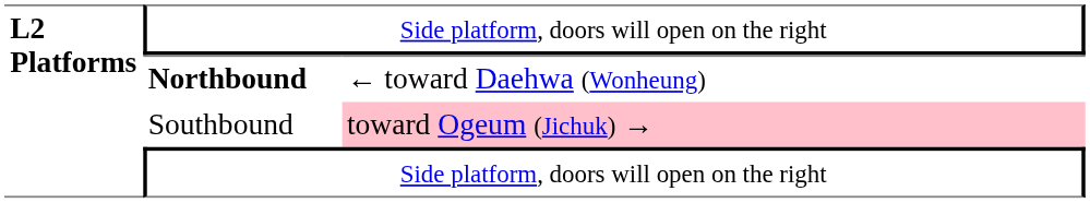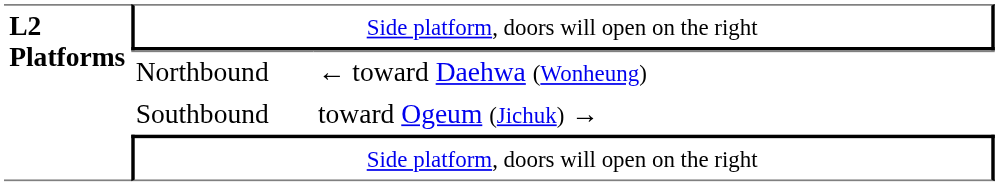 <table table border=0 cellspacing=0 cellpadding=3>
 <tr>
 <td style="border-top:solid 1px gray;border-bottom:solid 1px gray;" width=50 rowspan=10 valign=top><strong>L2<br>Platforms</strong></td>
 <td style="border-top:solid 1px gray;border-right:solid 2px black;border-left:solid 2px black;border-bottom:solid 2px black;text-align:center;" colspan=2><small><a href='#'>Side platform</a>, doors will open on the right </small></td>
 </tr>
 <tr>
-<td style="border-bottom:solid 0px gray;border-top:solid 1px gray;" width=100><strong>Northbound</strong></td>
+<td style="border-bottom:solid 0px gray;border-top:solid 1px gray;" width=100>Northbound</td>
 <td style="border-bottom:solid 0px gray;border-top:solid 1px gray;" width=390>←  toward <a href='#'>Daehwa</a> <small>(<a href='#'>Wonheung</a>)</small></td>
 </tr>
 <tr>
 <td>Southbound</td>
-<td style="background: pink;">  toward <a href='#'>Ogeum</a> <small>(<a href='#'>Jichuk</a>)</small> →</td>
+<td>  toward <a href='#'>Ogeum</a> <small>(<a href='#'>Jichuk</a>)</small> →</td>
 </tr>
 <tr>
 <td style="border-top:solid 2px black;border-right:solid 2px black;border-left:solid 2px black;border-bottom:solid 1px gray;text-align:center;" colspan=2><small><a href='#'>Side platform</a>, doors will open on the right </small></td>
 </tr>
 </table>
